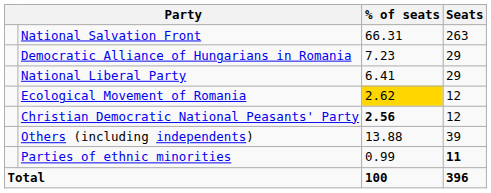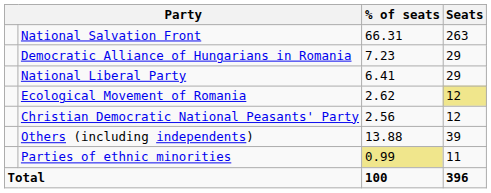 <table class="wikitable">
 <tr>
 <th colspan=2>Party</th>
 <th>% of seats</th>
 <th>Seats</th>
 </tr>
 <tr>
 <td> </td>
 <td><a href='#'>National Salvation Front</a></td>
 <td>66.31</td>
 <td>263</td>
 </tr>
 <tr>
 <td> </td>
 <td><a href='#'>Democratic Alliance of Hungarians in Romania</a></td>
 <td>7.23</td>
 <td>29</td>
 </tr>
 <tr>
 <td> </td>
 <td><a href='#'>National Liberal Party</a></td>
 <td>6.41</td>
 <td>29</td>
 </tr>
 <tr>
 <td> </td>
 <td><a href='#'>Ecological Movement of Romania</a></td>
-<td style="background: gold;">2.62</td>
-<td>12</td>
+<td>2.62</td>
+<td style="background: khaki;">12</td>
 </tr>
 <tr>
 <td> </td>
 <td><a href='#'>Christian Democratic National Peasants' Party</a></td>
-<td><strong>2.56</strong></td>
+<td>2.56</td>
 <td>12</td>
 </tr>
 <tr>
 <td> </td>
 <td><a href='#'>Others</a> (including <a href='#'>independents</a>)</td>
 <td>13.88</td>
 <td>39</td>
 </tr>
 <tr>
 <td> </td>
 <td><a href='#'>Parties of ethnic minorities</a></td>
-<td>0.99</td>
-<td><strong>11</strong></td>
+<td style="background: khaki;">0.99</td>
+<td>11</td>
 </tr>
 <tr>
 <td colspan=2><strong>Total</strong></td>
 <td><strong>100</strong></td>
 <td><strong>396</strong></td>
 </tr>
 </table>
